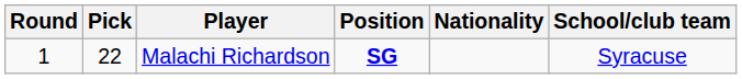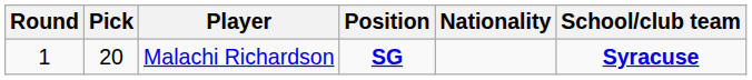 <table class="wikitable sortable sortable">
 <tr>
 <th>Round</th>
 <th>Pick</th>
 <th>Player</th>
 <th>Position</th>
 <th>Nationality</th>
 <th>School/club team</th>
 </tr>
 <tr style="text-align: center">
 <td>1</td>
-<td>22</td>
+<td>20</td>
 <td><a href='#'>Malachi Richardson</a></td>
 <td><strong><a href='#'>SG</a></strong></td>
 <td></td>
-<td><a href='#'>Syracuse</a></td>
+<td><strong><a href='#'>Syracuse</a></strong></td>
 </tr>
 </table>
